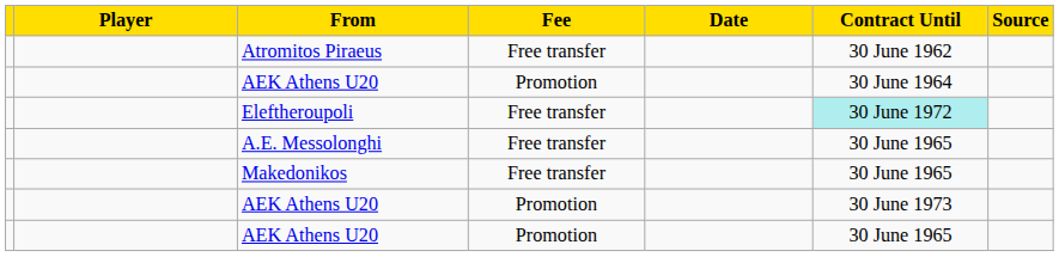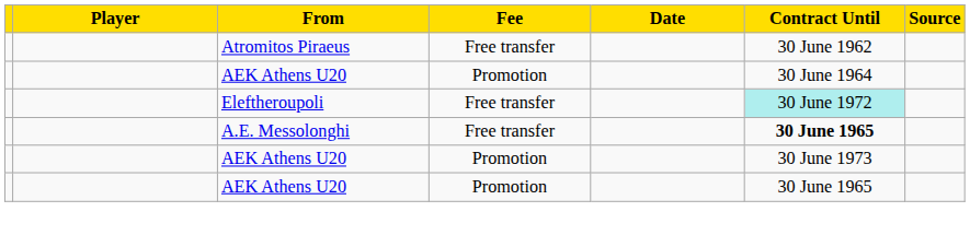 <table class="wikitable sortable">
 <tr>
 <th style="background:#FFDE00"></th>
 <th width=200 style="background:#FFDE00">Player</th>
 <th width=200 style="background:#FFDE00">From</th>
 <th width=150 style="background:#FFDE00">Fee</th>
 <th width=150 style="background:#FFDE00">Date</th>
 <th width=150 style="background:#FFDE00">Contract Until</th>
 <th style="background:#FFDE00">Source</th>
 </tr>
 <tr>
 <td align=center></td>
 <td></td>
 <td> <a href='#'>Atromitos Piraeus</a></td>
 <td align=center>Free transfer</td>
 <td align=center></td>
 <td align=center>30 June 1962</td>
 <td align=center></td>
 </tr>
 <tr>
 <td align=center></td>
 <td></td>
 <td> <a href='#'>AEK Athens U20</a></td>
 <td align=center>Promotion</td>
 <td align=center></td>
 <td align=center>30 June 1964</td>
 <td align=center></td>
 </tr>
 <tr>
 <td align=center></td>
 <td></td>
 <td> <a href='#'>Eleftheroupoli</a></td>
 <td align=center>Free transfer</td>
 <td align=center></td>
 <td align=center style="background: paleturquoise;">30 June 1972</td>
 <td align=center></td>
 </tr>
 <tr>
 <td align=center></td>
 <td></td>
 <td> <a href='#'>A.E. Messolonghi</a></td>
 <td align=center>Free transfer</td>
 <td align=center></td>
-<td align=center>30 June 1965</td>
-<td align=center></td>
-</tr>
-<tr>
-<td align=center></td>
-<td></td>
-<td> <a href='#'>Makedonikos</a></td>
-<td align=center>Free transfer</td>
-<td align=center></td>
-<td align=center>30 June 1965</td>
+<td align=center><strong>30 June 1965</strong></td>
 <td align=center></td>
 </tr>
 <tr>
 <td align=center></td>
 <td></td>
 <td> <a href='#'>AEK Athens U20</a></td>
 <td align=center>Promotion</td>
 <td align=center></td>
 <td align=center>30 June 1973</td>
 <td align=center></td>
 </tr>
 <tr>
 <td align=center></td>
 <td></td>
 <td> <a href='#'>AEK Athens U20</a></td>
 <td align=center>Promotion</td>
 <td align=center></td>
 <td align=center>30 June 1965</td>
 <td align=center></td>
 </tr>
 </table>
